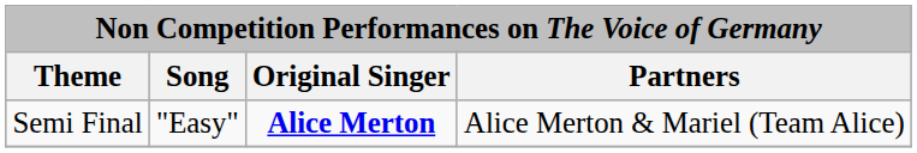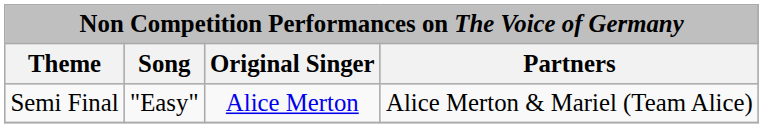 <table Class="wikitable" style="text-align: center;">
 <tr>
 <th colspan="5" style="background:#BFBFBF;">Non Competition Performances on <em>The Voice of Germany</em></th>
 </tr>
 <tr>
 <th>Theme</th>
 <th>Song</th>
 <th>Original Singer</th>
 <th>Partners</th>
 </tr>
 <tr>
 <td>Semi Final</td>
 <td>"Easy"</td>
-<td><strong><a href='#'>Alice Merton</a></strong></td>
+<td><a href='#'>Alice Merton</a></td>
 <td>Alice Merton & Mariel (Team Alice)</td>
 </tr>
 <tr>
 </tr>
 </table>
